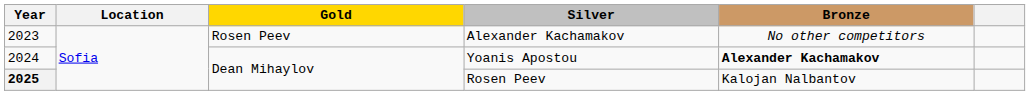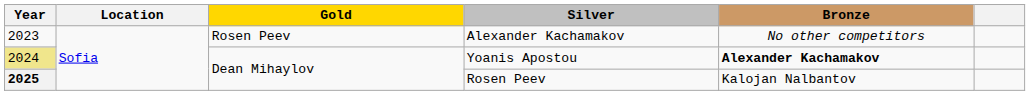 <table class="wikitable unsortable" style="text-align:left; width:80%">
 <tr>
 <th scope="col" style="text-align:center; width:5%">Year</th>
 <th scope="col" style="text-align:center; width:15%">Location</th>
 <td scope="col" style="text-align:center; width:25%; background:gold"><strong>Gold</strong></td>
 <td scope="col" style="text-align:center; width:25%; background:silver"><strong>Silver</strong></td>
 <td scope="col" style="text-align:center; width:25%; background:#c96"><strong>Bronze</strong></td>
 <th scope="col" style="text-align:center; width:5%"></th>
 </tr>
 <tr>
 <td>2023</td>
 <td rowspan="3"><a href='#'>Sofia</a></td>
 <td>Rosen Peev</td>
 <td>Alexander Kachamakov</td>
 <td align="center"><em>No other competitors</em></td>
 <td></td>
 </tr>
 <tr>
-<td>2024</td>
+<td style="background: khaki;">2024</td>
 <td rowspan="2">Dean Mihaylov</td>
 <td>Yoanis Apostou</td>
 <td><strong>Alexander Kachamakov</strong></td>
 <td></td>
 </tr>
 <tr>
 <th scope="row" style="text-align:left">2025</th>
 <td>Rosen Peev</td>
 <td>Kalojan Nalbantov</td>
 <td></td>
 </tr>
 </table>
